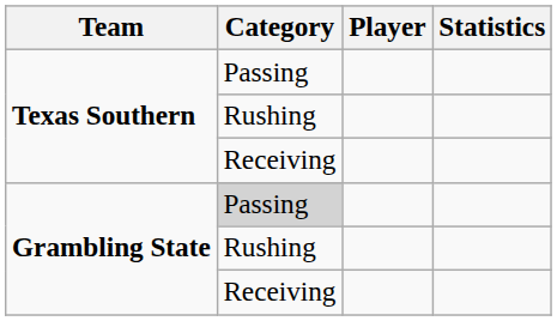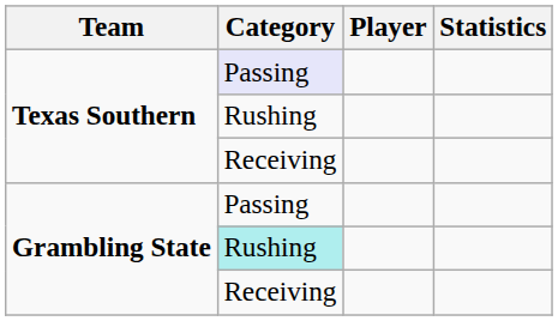 <table class="wikitable" style="float: left;">
 <tr>
 <th>Team</th>
 <th>Category</th>
 <th>Player</th>
 <th>Statistics</th>
 </tr>
 <tr>
 <td rowspan=3><strong>Texas Southern</strong></td>
-<td>Passing</td>
+<td style="background: lavender;">Passing</td>
 <td> </td>
 <td> </td>
 </tr>
 <tr>
 <td>Rushing</td>
 <td> </td>
 <td> </td>
 </tr>
 <tr>
 <td>Receiving</td>
 <td> </td>
 <td> </td>
 </tr>
 <tr>
 <td rowspan=3><strong>Grambling State</strong></td>
-<td style="background: lightgrey;">Passing</td>
+<td>Passing</td>
 <td> </td>
 <td> </td>
 </tr>
 <tr>
-<td>Rushing</td>
+<td style="background: paleturquoise;">Rushing</td>
 <td> </td>
 <td> </td>
 </tr>
 <tr>
 <td>Receiving</td>
 <td> </td>
 <td> </td>
 </tr>
 </table>
